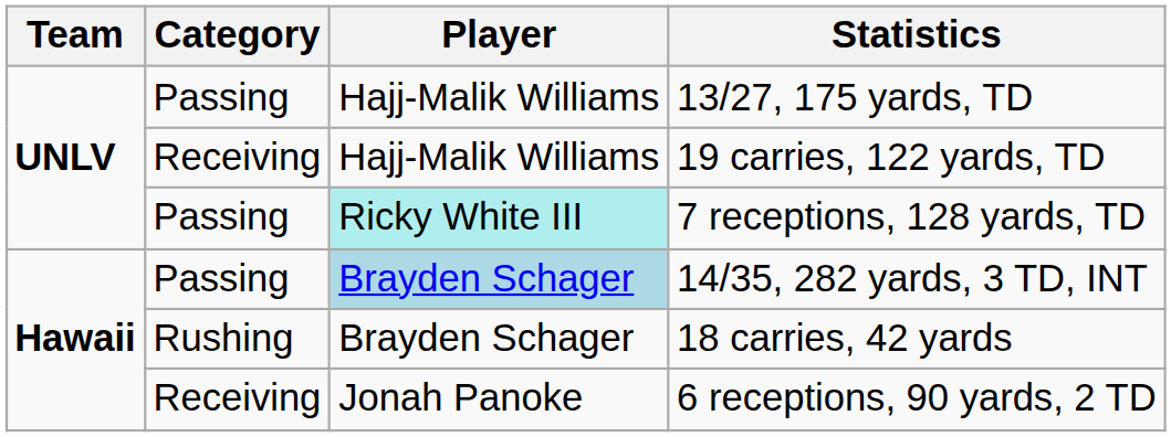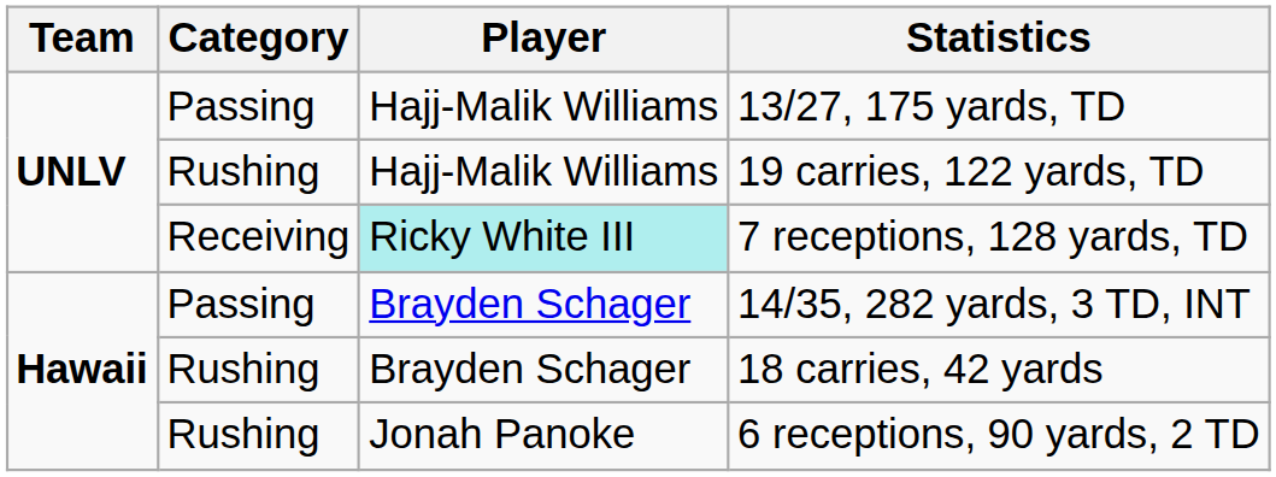 <table class="wikitable" style="float: right;">
 <tr>
 <th>Team</th>
 <th>Category</th>
 <th>Player</th>
 <th>Statistics</th>
 </tr>
 <tr>
 <td rowspan=3><strong>UNLV</strong></td>
 <td>Passing</td>
 <td>Hajj-Malik Williams</td>
 <td>13/27, 175 yards, TD</td>
 </tr>
 <tr>
-<td>Receiving</td>
+<td>Rushing</td>
 <td>Hajj-Malik Williams</td>
 <td>19 carries, 122 yards, TD</td>
 </tr>
 <tr>
-<td>Passing</td>
+<td>Receiving</td>
 <td style="background: paleturquoise;">Ricky White III</td>
 <td>7 receptions, 128 yards, TD</td>
 </tr>
 <tr>
 <td rowspan=3><strong>Hawaii</strong></td>
 <td>Passing</td>
-<td style="background: lightblue;"><a href='#'>Brayden Schager</a></td>
+<td><a href='#'>Brayden Schager</a></td>
 <td>14/35, 282 yards, 3 TD, INT</td>
 </tr>
 <tr>
 <td>Rushing</td>
 <td>Brayden Schager</td>
 <td>18 carries, 42 yards</td>
 </tr>
 <tr>
-<td>Receiving</td>
+<td>Rushing</td>
 <td>Jonah Panoke</td>
 <td>6 receptions, 90 yards, 2 TD</td>
 </tr>
 </table>
